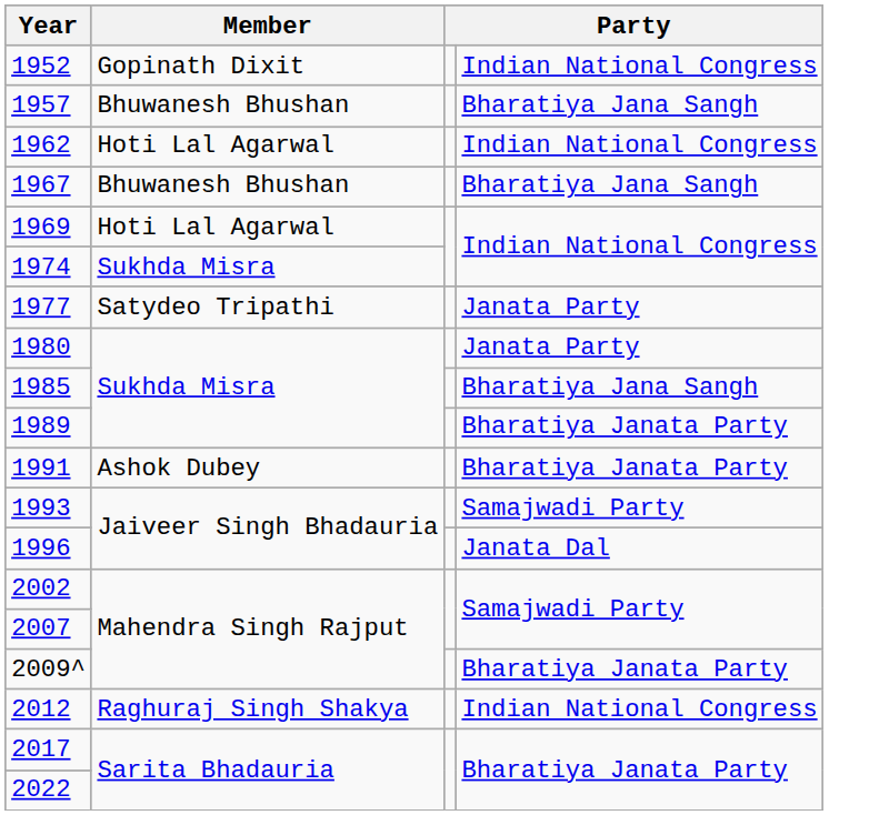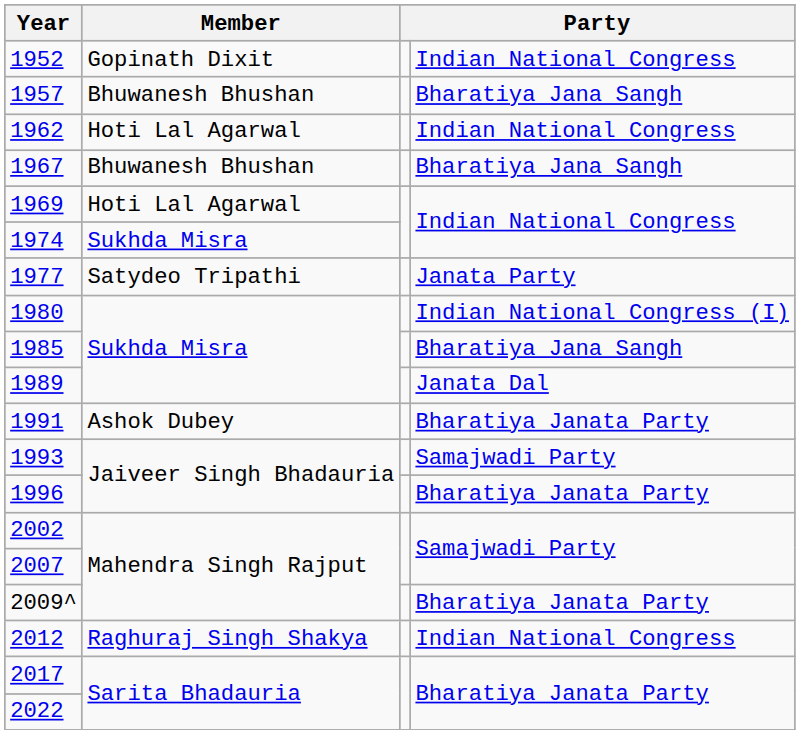 <table class="wikitable">
 <tr>
 <th>Year</th>
 <th>Member</th>
 <th colspan="2">Party</th>
 </tr>
 <tr>
 <td><a href='#'>1952</a></td>
 <td>Gopinath Dixit</td>
 <td style="background-color: "></td>
 <td><a href='#'>Indian National Congress</a></td>
 </tr>
 <tr>
 <td><a href='#'>1957</a></td>
 <td>Bhuwanesh Bhushan</td>
 <td style="background-color: "></td>
 <td><a href='#'>Bharatiya Jana Sangh</a></td>
 </tr>
 <tr>
 <td><a href='#'>1962</a></td>
 <td>Hoti Lal Agarwal</td>
 <td style="background-color: "></td>
 <td><a href='#'>Indian National Congress</a></td>
 </tr>
 <tr>
 <td><a href='#'>1967</a></td>
 <td>Bhuwanesh Bhushan</td>
 <td style="background-color: "></td>
 <td><a href='#'>Bharatiya Jana Sangh</a></td>
 </tr>
 <tr>
 <td><a href='#'>1969</a></td>
 <td>Hoti Lal Agarwal</td>
 <td rowspan="2" style="background-color: "></td>
 <td rowspan="2"><a href='#'>Indian National Congress</a></td>
 </tr>
 <tr>
 <td><a href='#'>1974</a></td>
 <td><a href='#'>Sukhda Misra</a></td>
 </tr>
 <tr>
 <td><a href='#'>1977</a></td>
 <td>Satydeo Tripathi</td>
 <td style="background-color: "></td>
 <td><a href='#'>Janata Party</a></td>
 </tr>
 <tr>
 <td><a href='#'>1980</a></td>
 <td rowspan="3"><a href='#'>Sukhda Misra</a></td>
 <td style="background-color: "></td>
-<td><a href='#'>Janata Party</a></td>
+<td><a href='#'>Indian National Congress (I)</a></td>
 </tr>
 <tr>
 <td><a href='#'>1985</a></td>
 <td style="background-color: "></td>
 <td><a href='#'>Bharatiya Jana Sangh</a></td>
 </tr>
 <tr>
 <td><a href='#'>1989</a></td>
 <td style="background-color: "></td>
-<td><a href='#'>Bharatiya Janata Party</a></td>
+<td><a href='#'>Janata Dal</a></td>
 </tr>
 <tr>
 <td><a href='#'>1991</a></td>
 <td>Ashok Dubey</td>
 <td style="background-color: "></td>
 <td><a href='#'>Bharatiya Janata Party</a></td>
 </tr>
 <tr>
 <td><a href='#'>1993</a></td>
 <td rowspan="2">Jaiveer Singh Bhadauria</td>
 <td style="background-color: "></td>
 <td><a href='#'>Samajwadi Party</a></td>
 </tr>
 <tr>
 <td><a href='#'>1996</a></td>
 <td style="background-color: "></td>
-<td><a href='#'>Janata Dal</a></td>
+<td><a href='#'>Bharatiya Janata Party</a></td>
 </tr>
 <tr>
 <td><a href='#'>2002</a></td>
 <td rowspan="3">Mahendra Singh Rajput</td>
 <td rowspan="2" style="background-color: "></td>
 <td rowspan="2"><a href='#'>Samajwadi Party</a></td>
 </tr>
 <tr>
 <td><a href='#'>2007</a></td>
 </tr>
 <tr>
 <td>2009^</td>
 <td style="background-color: "></td>
 <td><a href='#'>Bharatiya Janata Party</a></td>
 </tr>
 <tr>
 <td><a href='#'>2012</a></td>
 <td><a href='#'>Raghuraj Singh Shakya</a></td>
 <td style="background-color: "></td>
 <td><a href='#'>Indian National Congress</a></td>
 </tr>
 <tr>
 <td><a href='#'>2017</a></td>
 <td rowspan="2"><a href='#'>Sarita Bhadauria</a></td>
 <td rowspan="2" style="background-color: "></td>
 <td rowspan="2"><a href='#'>Bharatiya Janata Party</a></td>
 </tr>
 <tr>
 <td><a href='#'>2022</a></td>
 </tr>
 </table>
